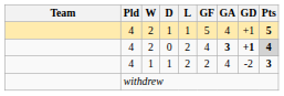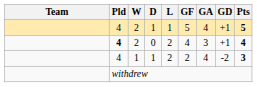 <table class="wikitable" style="text-align:center">
 <tr>
 <th width=165>Team</th>
 <th width=20>Pld</th>
 <th width=20>W</th>
 <th width=20>D</th>
 <th width=20>L</th>
 <th width=20>GF</th>
 <th width=20>GA</th>
 <th width=20>GD</th>
 <th width=20>Pts</th>
 </tr>
 <tr bgcolor="#ffebad">
 <td align="left"></td>
 <td>4</td>
 <td>2</td>
 <td>1</td>
 <td>1</td>
 <td>5</td>
 <td>4</td>
 <td>+1</td>
 <td><strong>5</strong></td>
 </tr>
 <tr>
 <td align="left"></td>
-<td>4</td>
+<td><strong>4</strong></td>
 <td>2</td>
 <td>0</td>
 <td>2</td>
 <td>4</td>
-<td><strong>3</strong></td>
-<td><strong>+1</strong></td>
-<td style="background: lightgrey;"><strong>4</strong></td>
+<td>3</td>
+<td>+1</td>
+<td><strong>4</strong></td>
 </tr>
 <tr>
 <td align="left"></td>
 <td>4</td>
 <td>1</td>
 <td>1</td>
 <td>2</td>
 <td>2</td>
 <td>4</td>
 <td>-2</td>
 <td><strong>3</strong></td>
 </tr>
 <tr>
 <td align="left"></td>
 <td align="left" colspan="8"><em>withdrew</em></td>
 </tr>
 </table>
